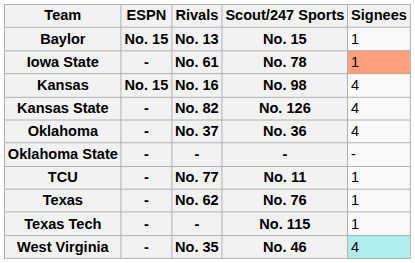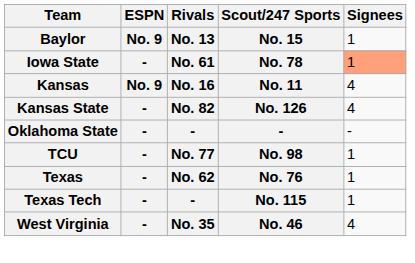 <table class="wikitable">
 <tr>
 <th>Team</th>
 <th>ESPN</th>
 <th>Rivals</th>
 <th>Scout/247 Sports</th>
 <th>Signees</th>
 </tr>
 <tr>
 <th>Baylor</th>
-<th>No. 15</th>
+<th>No. 9</th>
 <th>No. 13</th>
 <th>No. 15</th>
 <td>1</td>
 </tr>
 <tr>
 <th>Iowa State</th>
 <th>-</th>
 <th>No. 61</th>
 <th>No. 78</th>
 <td style="background: lightsalmon;">1</td>
 </tr>
 <tr>
 <th>Kansas</th>
-<th>No. 15</th>
+<th>No. 9</th>
 <th>No. 16</th>
-<th>No. 98</th>
+<th>No. 11</th>
 <td>4</td>
 </tr>
 <tr>
 <th>Kansas State</th>
 <th>-</th>
 <th>No. 82</th>
 <th>No. 126</th>
-<td>4</td>
-</tr>
-<tr>
-<th>Oklahoma</th>
-<th>-</th>
-<th>No. 37</th>
-<th>No. 36</th>
 <td>4</td>
 </tr>
 <tr>
 <th>Oklahoma State</th>
 <th>-</th>
 <th>-</th>
 <th>-</th>
 <td>-</td>
 </tr>
 <tr>
 <th>TCU</th>
 <th>-</th>
 <th>No. 77</th>
-<th>No. 11</th>
+<th>No. 98</th>
 <td>1</td>
 </tr>
 <tr>
 <th>Texas</th>
 <th>-</th>
 <th>No. 62</th>
 <th>No. 76</th>
 <td>1</td>
 </tr>
 <tr>
 <th>Texas Tech</th>
 <th>-</th>
 <th>-</th>
 <th>No. 115</th>
 <td>1</td>
 </tr>
 <tr>
 <th>West Virginia</th>
 <th>-</th>
 <th>No. 35</th>
 <th>No. 46</th>
-<td style="background: paleturquoise;">4</td>
+<td>4</td>
 </tr>
 </table>
